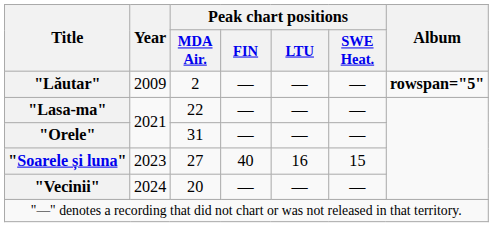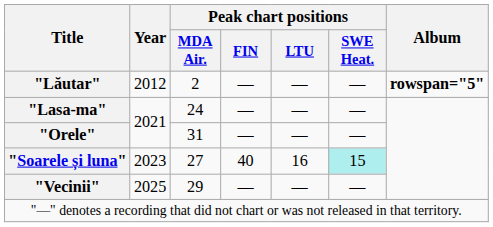 <table class="wikitable plainrowheaders" style="text-align:center">
 <tr>
 <th scope="col" rowspan="2">Title</th>
 <th scope="col" rowspan="2">Year</th>
 <th scope="col" colspan="4">Peak chart positions</th>
 <th scope="col" rowspan="2">Album</th>
 </tr>
 <tr>
 <th scope="col" style="width:3em;font-size:90%;"><a href='#'>MDA<br>Air.</a><br></th>
 <th scope="col" style="width:3em;font-size:90%;"><a href='#'>FIN</a><br></th>
 <th scope="col" style="width:3.5em;font-size:90%;"><a href='#'>LTU</a><br></th>
 <th scope="col" style="width:3.5em;font-size:90%;"><a href='#'>SWE<br>Heat.</a><br></th>
 </tr>
 <tr>
 <th scope="row">"Lăutar"</th>
-<td>2009</td>
+<td>2012</td>
 <td>2</td>
 <td>—</td>
 <td>—</td>
 <td>—</td>
 <td><strong>rowspan="5" </strong></td>
 </tr>
 <tr>
 <th scope="row">"Lasa-ma"<br></th>
 <td rowspan="2">2021</td>
-<td>22</td>
+<td>24</td>
 <td>—</td>
 <td>—</td>
 <td>—</td>
 </tr>
 <tr>
 <th scope="row">"Orele"<br></th>
 <td>31</td>
 <td>—</td>
 <td>—</td>
 <td>—</td>
 </tr>
 <tr>
 <th scope="row">"<a href='#'>Soarele și luna</a>"</th>
 <td>2023</td>
 <td>27</td>
 <td>40</td>
 <td>16</td>
-<td>15</td>
+<td style="background: paleturquoise;">15</td>
 </tr>
 <tr>
 <th scope="row">"Vecinii"</th>
-<td>2024</td>
-<td>20</td>
+<td>2025</td>
+<td>29</td>
 <td>—</td>
 <td>—</td>
 <td>—</td>
 </tr>
 <tr>
 <td colspan="7" style="font-size:85%;">"—" denotes a recording that did not chart or was not released in that territory.</td>
 </tr>
 </table>
